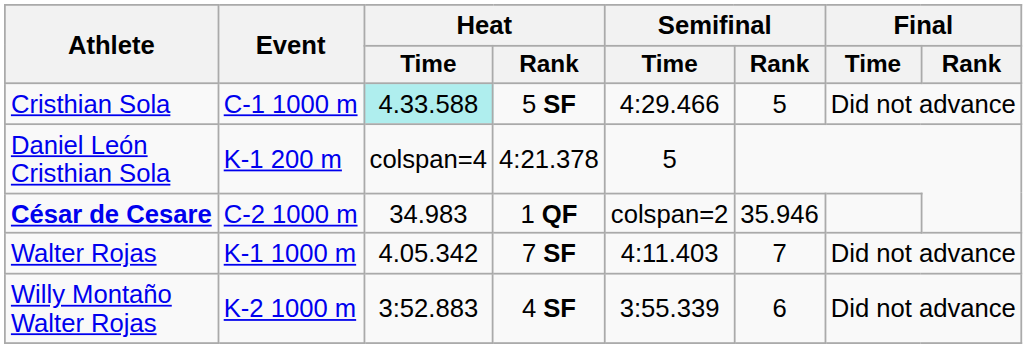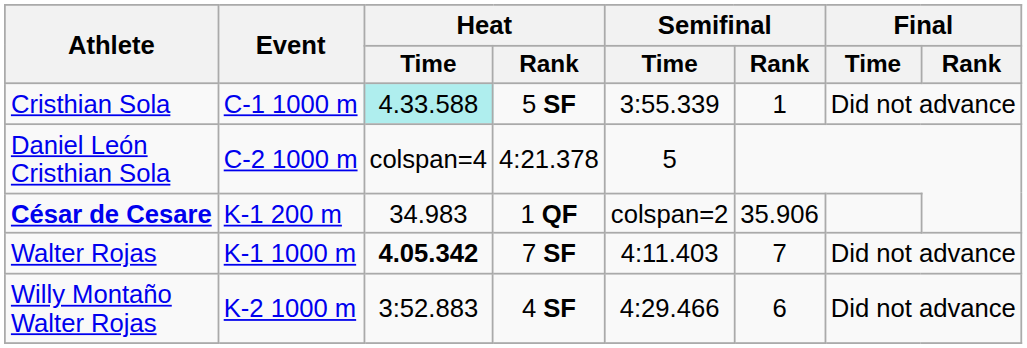 <table class="wikitable" style="font-size:90%;text-align:center">
 <tr>
 <th rowspan=2>Athlete</th>
 <th rowspan=2>Event</th>
 <th colspan=2>Heat</th>
 <th colspan=2>Semifinal</th>
 <th colspan=2>Final</th>
 </tr>
 <tr style=font-size:95%>
 <th>Time</th>
 <th>Rank</th>
 <th>Time</th>
 <th>Rank</th>
 <th>Time</th>
 <th>Rank</th>
 </tr>
 <tr>
 <td align=left><a href='#'>Cristhian Sola</a></td>
 <td style="text-align:left"><a href='#'>C-1 1000 m</a></td>
 <td style="background: paleturquoise;">4.33.588</td>
 <td>5 <strong>SF</strong></td>
-<td>4:29.466</td>
-<td>5</td>
+<td>3:55.339</td>
+<td>1</td>
 <td colspan=2>Did not advance</td>
 </tr>
 <tr>
 <td align=left><a href='#'>Daniel León</a><br><a href='#'>Cristhian Sola</a></td>
-<td style="text-align:left"><a href='#'>K-1 200 m</a></td>
+<td style="text-align:left"><a href='#'>C-2 1000 m</a></td>
 <td>colspan=4 </td>
 <td>4:21.378</td>
 <td>5</td>
 </tr>
 <tr>
 <td align=left><strong><a href='#'>César de Cesare</a></strong></td>
-<td style="text-align:left"><a href='#'>C-2 1000 m</a></td>
+<td style="text-align:left"><a href='#'>K-1 200 m</a></td>
 <td>34.983</td>
 <td>1 <strong>QF</strong></td>
 <td>colspan=2 </td>
-<td>35.946</td>
+<td>35.906</td>
 <td></td>
 </tr>
 <tr>
 <td align=left><a href='#'>Walter Rojas</a></td>
 <td style="text-align:left"><a href='#'>K-1 1000 m</a></td>
-<td>4.05.342</td>
+<td><strong>4.05.342</strong></td>
 <td>7 <strong>SF</strong></td>
 <td>4:11.403</td>
 <td>7</td>
 <td colspan=2>Did not advance</td>
 </tr>
 <tr>
 <td align=left><a href='#'>Willy Montaño</a><br><a href='#'>Walter Rojas</a></td>
 <td style="text-align:left"><a href='#'>K-2 1000 m</a></td>
 <td>3:52.883</td>
 <td>4 <strong>SF</strong></td>
-<td>3:55.339</td>
+<td>4:29.466</td>
 <td>6</td>
 <td colspan=2>Did not advance</td>
 </tr>
 </table>
